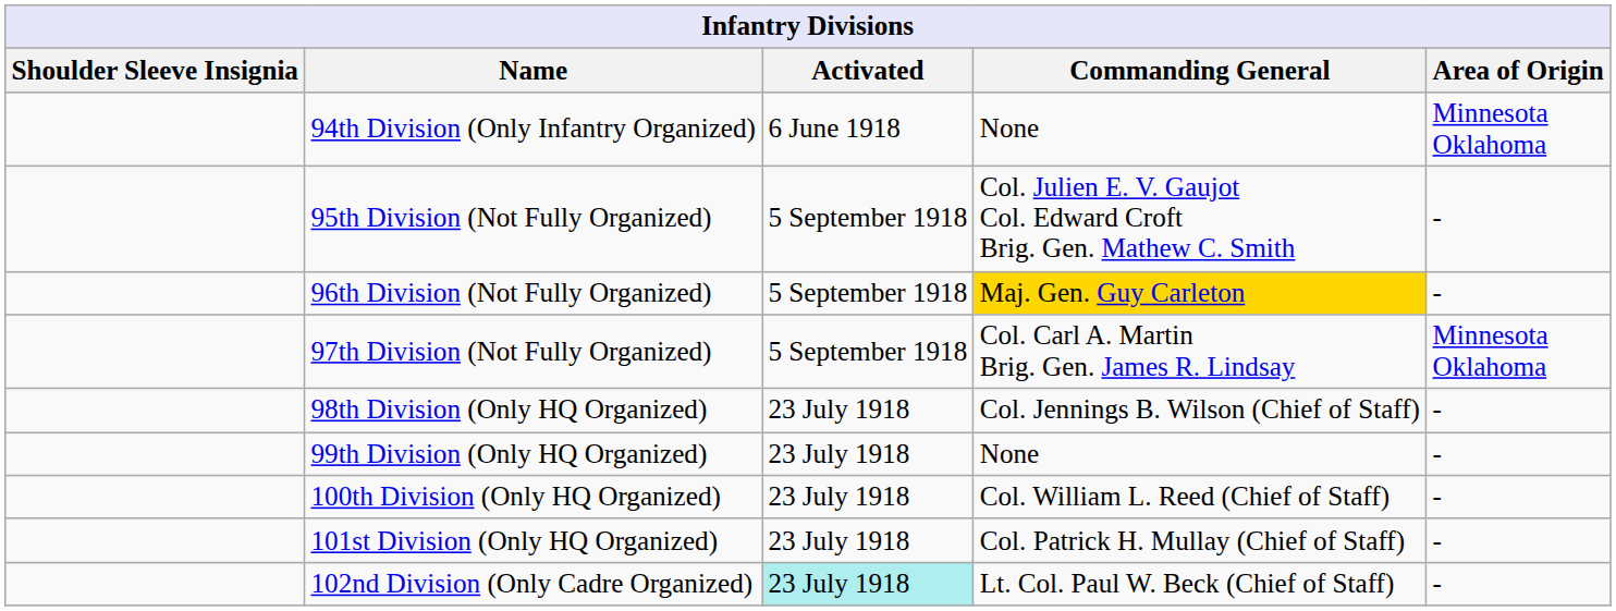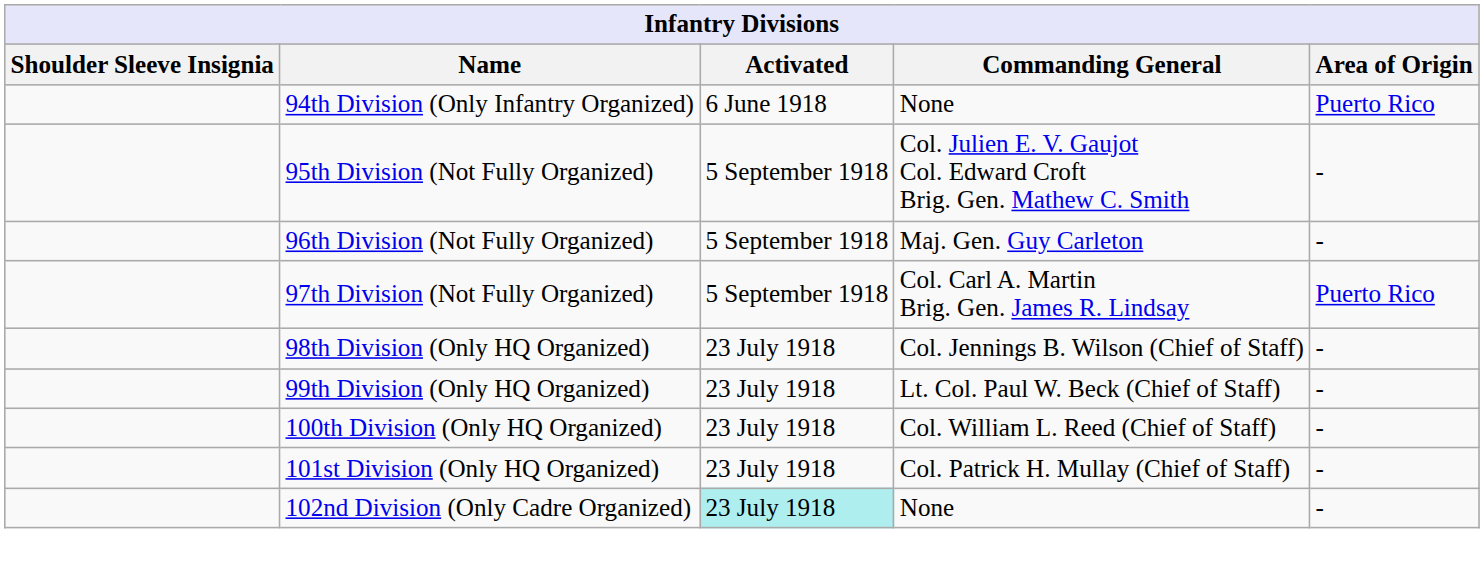 <table class="wikitable">
 <tr>
 <th style="align: center; background: lavender;" colspan="9">Infantry Divisions</th>
 </tr>
 <tr>
 <th style="text-align: center; ">Shoulder Sleeve Insignia</th>
 <th style="text-align: center; ">Name</th>
 <th style="text-align: center; ">Activated</th>
 <th style="text-align: center; ">Commanding General</th>
 <th style="text-align: center; ">Area of Origin</th>
 </tr>
 <tr>
 <td></td>
 <td><a href='#'>94th Division</a> (Only Infantry Organized)</td>
 <td>6 June 1918</td>
 <td>None</td>
-<td><a href='#'>Minnesota</a><br><a href='#'>Oklahoma</a></td>
+<td><a href='#'>Puerto Rico</a></td>
 </tr>
 <tr>
 <td></td>
 <td><a href='#'>95th Division</a> (Not Fully Organized)</td>
 <td>5 September 1918</td>
 <td>Col. <a href='#'>Julien E. V. Gaujot</a><br>Col. Edward Croft<br>Brig. Gen. <a href='#'>Mathew C. Smith</a></td>
 <td>-</td>
 </tr>
 <tr>
 <td></td>
 <td><a href='#'>96th Division</a> (Not Fully Organized)</td>
 <td>5 September 1918</td>
-<td style="background: gold;">Maj. Gen. <a href='#'>Guy Carleton</a></td>
+<td>Maj. Gen. <a href='#'>Guy Carleton</a></td>
 <td>-</td>
 </tr>
 <tr>
 <td></td>
 <td><a href='#'>97th Division</a> (Not Fully Organized)</td>
 <td>5 September 1918</td>
 <td>Col. Carl A. Martin<br>Brig. Gen. <a href='#'>James R. Lindsay</a></td>
-<td><a href='#'>Minnesota</a><br><a href='#'>Oklahoma</a></td>
+<td><a href='#'>Puerto Rico</a></td>
 </tr>
 <tr>
 <td></td>
 <td><a href='#'>98th Division</a> (Only HQ Organized)</td>
 <td>23 July 1918</td>
 <td>Col. Jennings B. Wilson (Chief of Staff)</td>
 <td>-</td>
 </tr>
 <tr>
 <td></td>
 <td><a href='#'>99th Division</a> (Only HQ Organized)</td>
 <td>23 July 1918</td>
-<td>None</td>
+<td>Lt. Col. Paul W. Beck (Chief of Staff)</td>
 <td>-</td>
 </tr>
 <tr>
 <td></td>
 <td><a href='#'>100th Division</a> (Only HQ Organized)</td>
 <td>23 July 1918</td>
 <td>Col. William L. Reed (Chief of Staff)</td>
 <td>-</td>
 </tr>
 <tr>
 <td></td>
 <td><a href='#'>101st Division</a> (Only HQ Organized)</td>
 <td>23 July 1918</td>
 <td>Col. Patrick H. Mullay (Chief of Staff)</td>
 <td>-</td>
 </tr>
 <tr>
 <td></td>
 <td><a href='#'>102nd Division</a> (Only Cadre Organized)</td>
 <td style="background: paleturquoise;">23 July 1918</td>
-<td>Lt. Col. Paul W. Beck (Chief of Staff)</td>
+<td>None</td>
 <td>-</td>
 </tr>
 </table>
